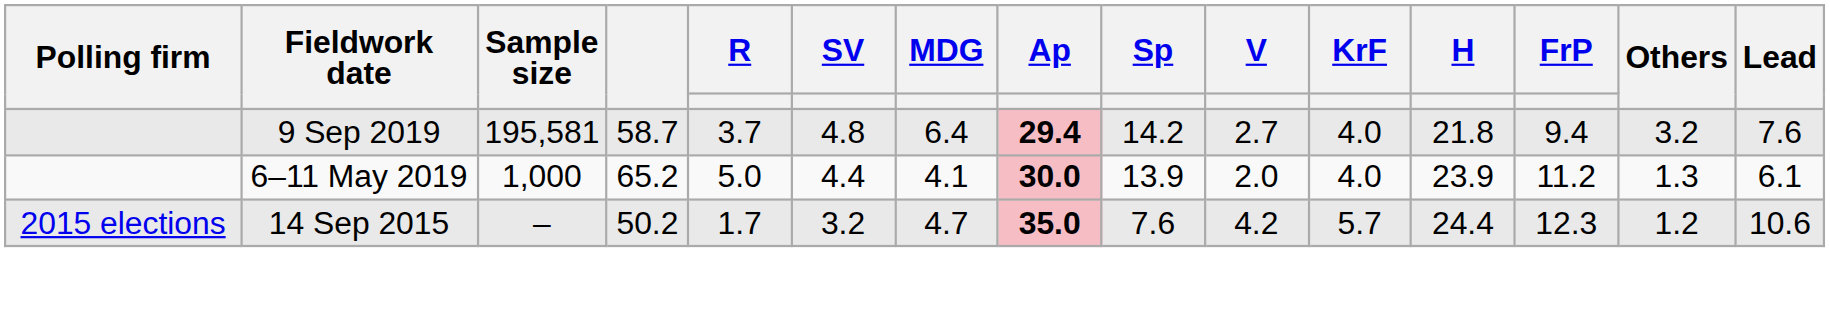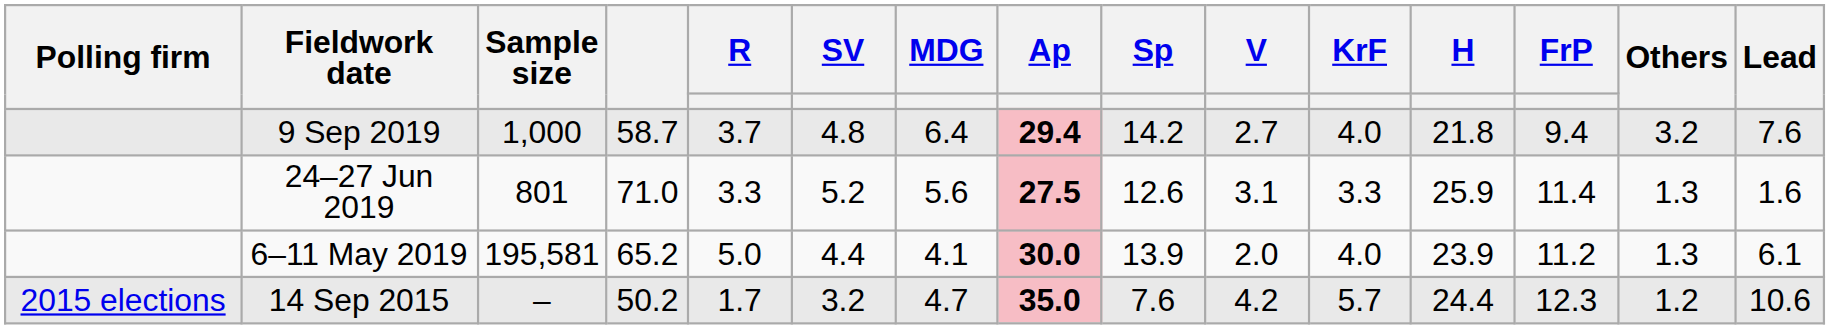 <table class="wikitable sortable" style="text-align:center;font-size:90%;line-height:14px;">
 <tr style="height:40px;">
 <th style="width:100px;" rowspan="2">Polling firm</th>
 <th style="width:100px;" rowspan="2">Fieldwork date</th>
 <th style="width:35px;" rowspan="2">Sample<br>size</th>
 <th style="width:30px;" rowspan="2"></th>
 <th class="unsortable" style="width:40px;"><a href='#'>R</a></th>
 <th class="unsortable" style="width:40px;"><a href='#'>SV</a></th>
 <th class="unsortable" style="width:40px;"><a href='#'>MDG</a></th>
 <th class="unsortable" style="width:40px;"><a href='#'>Ap</a></th>
 <th class="unsortable" style="width:40px;"><a href='#'>Sp</a></th>
 <th class="unsortable" style="width:40px;"><a href='#'>V</a></th>
 <th class="unsortable" style="width:40px;"><a href='#'>KrF</a></th>
 <th class="unsortable" style="width:40px;"><a href='#'>H</a></th>
 <th class="unsortable" style="width:40px;"><a href='#'>FrP</a></th>
 <th class="unsortable" style="width:30px;" rowspan="2">Others</th>
 <th style="width:30px;" rowspan="2">Lead</th>
 </tr>
 <tr>
 <th style="background:"></th>
 <th style="background:"></th>
 <th style="background:"></th>
 <th style="background:"></th>
 <th style="background:"></th>
 <th style="background:"></th>
 <th style="background:"></th>
 <th style="background:"></th>
 <th style="background:"></th>
 </tr>
 <tr style="background:#E9E9E9;">
 <td></td>
 <td data-sort-value="2019-09-09">9 Sep 2019</td>
-<td>195,581</td>
+<td>1,000</td>
 <td>58.7</td>
 <td>3.7</td>
 <td>4.8</td>
 <td>6.4</td>
 <td style="background:#F7BDC5;"><strong>29.4</strong></td>
 <td>14.2</td>
 <td>2.7</td>
 <td>4.0</td>
 <td>21.8</td>
 <td>9.4</td>
 <td>3.2</td>
 <td style="background:">7.6</td>
 </tr>
 <tr>
 <td></td>
+<td data-sort-value="2019-06-27">24–27 Jun 2019</td>
+<td>801</td>
+<td>71.0</td>
+<td>3.3</td>
+<td>5.2</td>
+<td>5.6</td>
+<td style="background:#F7BDC5;"><strong>27.5</strong></td>
+<td>12.6</td>
+<td>3.1</td>
+<td>3.3</td>
+<td>25.9</td>
+<td>11.4</td>
+<td>1.3</td>
+<td style="background:">1.6</td>
+</tr>
+<tr>
+<td></td>
 <td data-sort-value="2019-05-11">6–11 May 2019</td>
-<td>1,000</td>
+<td>195,581</td>
 <td>65.2</td>
 <td>5.0</td>
 <td>4.4</td>
 <td>4.1</td>
 <td style="background:#F7BDC5;"><strong>30.0</strong></td>
 <td>13.9</td>
 <td>2.0</td>
 <td>4.0</td>
 <td>23.9</td>
 <td>11.2</td>
 <td>1.3</td>
 <td style="background:">6.1</td>
 </tr>
 <tr style="background:#E9E9E9;">
 <td><a href='#'>2015 elections</a></td>
 <td data-sort-value="2015-09-14">14 Sep 2015</td>
 <td>–</td>
 <td>50.2</td>
 <td>1.7</td>
 <td>3.2</td>
 <td>4.7</td>
 <td style="background:#F7BDC5;"><strong>35.0</strong></td>
 <td>7.6</td>
 <td>4.2</td>
 <td>5.7</td>
 <td>24.4</td>
 <td>12.3</td>
 <td>1.2</td>
 <td style="background:">10.6</td>
 </tr>
 </table>
